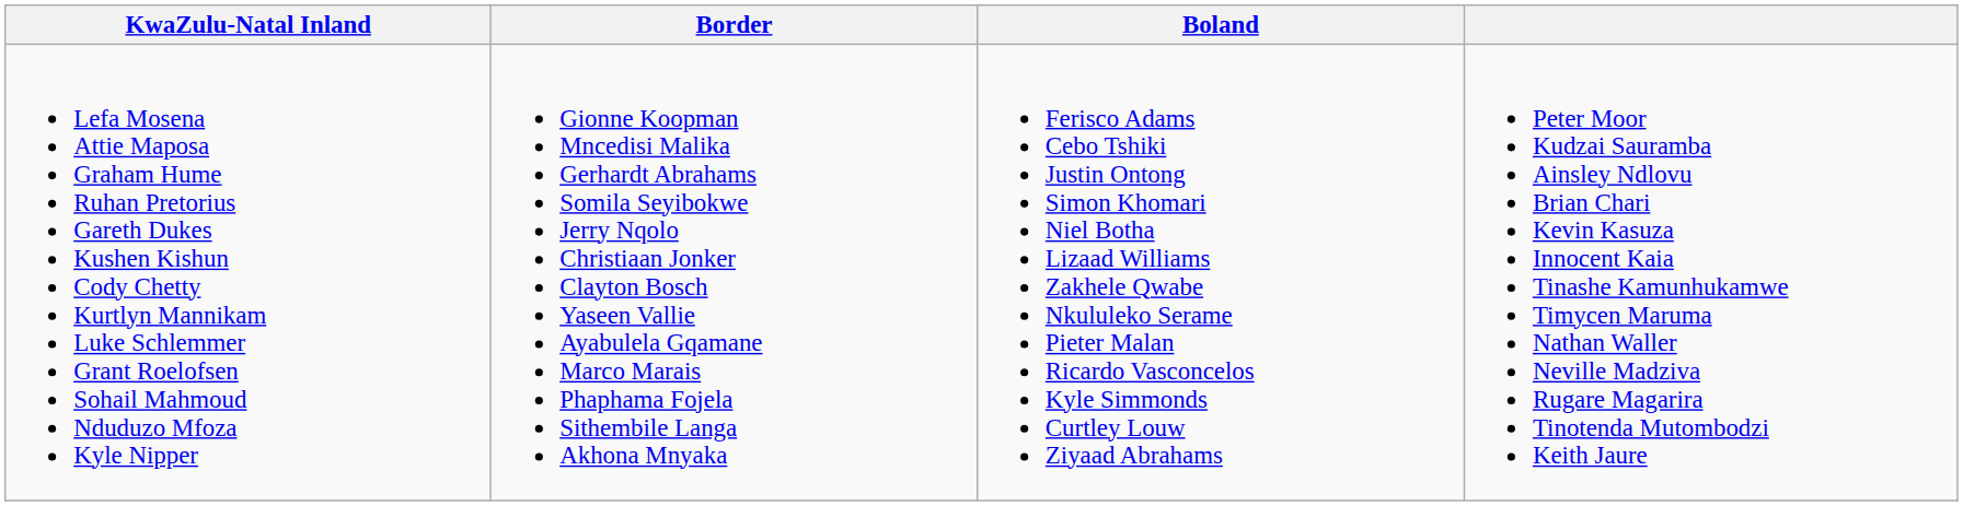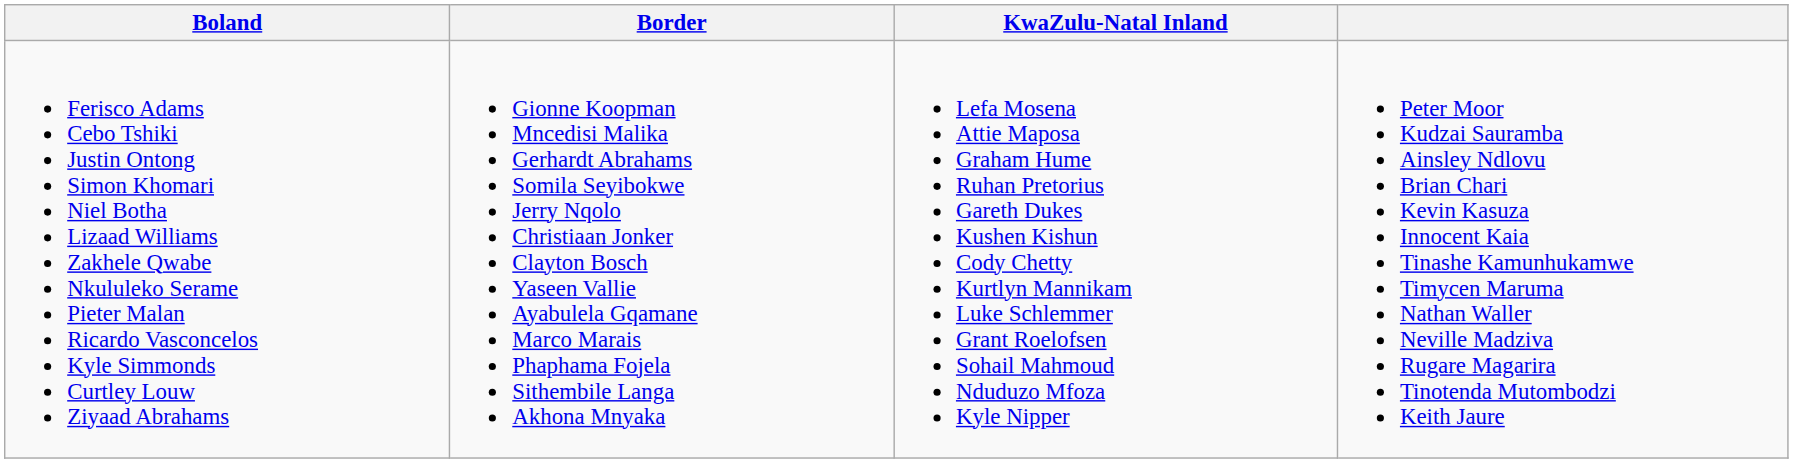 <table class="wikitable">
 <tr>
+<th width=330> <a href='#'>Boland</a></th>
+<th width=330> <a href='#'>Border</a></th>
 <th width=330> <a href='#'>KwaZulu-Natal Inland</a></th>
-<th width=330> <a href='#'>Border</a></th>
-<th width=330> <a href='#'>Boland</a></th>
 <th width=330></th>
 </tr>
 <tr>
+<td valign=top><br><ul><li><a href='#'>Ferisco Adams</a></li><li><a href='#'>Cebo Tshiki</a></li><li><a href='#'>Justin Ontong</a></li><li><a href='#'>Simon Khomari</a></li><li><a href='#'>Niel Botha</a></li><li><a href='#'>Lizaad Williams</a></li><li><a href='#'>Zakhele Qwabe</a></li><li><a href='#'>Nkululeko Serame</a></li><li><a href='#'>Pieter Malan</a></li><li><a href='#'>Ricardo Vasconcelos</a></li><li><a href='#'>Kyle Simmonds</a></li><li><a href='#'>Curtley Louw</a></li><li><a href='#'>Ziyaad Abrahams</a></li></ul></td>
+<td valign=top><br><ul><li><a href='#'>Gionne Koopman</a></li><li><a href='#'>Mncedisi Malika</a></li><li><a href='#'>Gerhardt Abrahams</a></li><li><a href='#'>Somila Seyibokwe</a></li><li><a href='#'>Jerry Nqolo</a></li><li><a href='#'>Christiaan Jonker</a></li><li><a href='#'>Clayton Bosch</a></li><li><a href='#'>Yaseen Vallie</a></li><li><a href='#'>Ayabulela Gqamane</a></li><li><a href='#'>Marco Marais</a></li><li><a href='#'>Phaphama Fojela</a></li><li><a href='#'>Sithembile Langa</a></li><li><a href='#'>Akhona Mnyaka</a></li></ul></td>
 <td valign=top><br><ul><li><a href='#'>Lefa Mosena</a></li><li><a href='#'>Attie Maposa</a></li><li><a href='#'>Graham Hume</a></li><li><a href='#'>Ruhan Pretorius</a></li><li><a href='#'>Gareth Dukes</a></li><li><a href='#'>Kushen Kishun</a></li><li><a href='#'>Cody Chetty</a></li><li><a href='#'>Kurtlyn Mannikam</a></li><li><a href='#'>Luke Schlemmer</a></li><li><a href='#'>Grant Roelofsen</a></li><li><a href='#'>Sohail Mahmoud</a></li><li><a href='#'>Nduduzo Mfoza</a></li><li><a href='#'>Kyle Nipper</a></li></ul></td>
-<td valign=top><br><ul><li><a href='#'>Gionne Koopman</a></li><li><a href='#'>Mncedisi Malika</a></li><li><a href='#'>Gerhardt Abrahams</a></li><li><a href='#'>Somila Seyibokwe</a></li><li><a href='#'>Jerry Nqolo</a></li><li><a href='#'>Christiaan Jonker</a></li><li><a href='#'>Clayton Bosch</a></li><li><a href='#'>Yaseen Vallie</a></li><li><a href='#'>Ayabulela Gqamane</a></li><li><a href='#'>Marco Marais</a></li><li><a href='#'>Phaphama Fojela</a></li><li><a href='#'>Sithembile Langa</a></li><li><a href='#'>Akhona Mnyaka</a></li></ul></td>
-<td valign=top><br><ul><li><a href='#'>Ferisco Adams</a></li><li><a href='#'>Cebo Tshiki</a></li><li><a href='#'>Justin Ontong</a></li><li><a href='#'>Simon Khomari</a></li><li><a href='#'>Niel Botha</a></li><li><a href='#'>Lizaad Williams</a></li><li><a href='#'>Zakhele Qwabe</a></li><li><a href='#'>Nkululeko Serame</a></li><li><a href='#'>Pieter Malan</a></li><li><a href='#'>Ricardo Vasconcelos</a></li><li><a href='#'>Kyle Simmonds</a></li><li><a href='#'>Curtley Louw</a></li><li><a href='#'>Ziyaad Abrahams</a></li></ul></td>
 <td valign=top><br><ul><li><a href='#'>Peter Moor</a></li><li><a href='#'>Kudzai Sauramba</a></li><li><a href='#'>Ainsley Ndlovu</a></li><li><a href='#'>Brian Chari</a></li><li><a href='#'>Kevin Kasuza</a></li><li><a href='#'>Innocent Kaia</a></li><li><a href='#'>Tinashe Kamunhukamwe</a></li><li><a href='#'>Timycen Maruma</a></li><li><a href='#'>Nathan Waller</a></li><li><a href='#'>Neville Madziva</a></li><li><a href='#'>Rugare Magarira</a></li><li><a href='#'>Tinotenda Mutombodzi</a></li><li><a href='#'>Keith Jaure</a></li></ul></td>
 </tr>
 </table>
